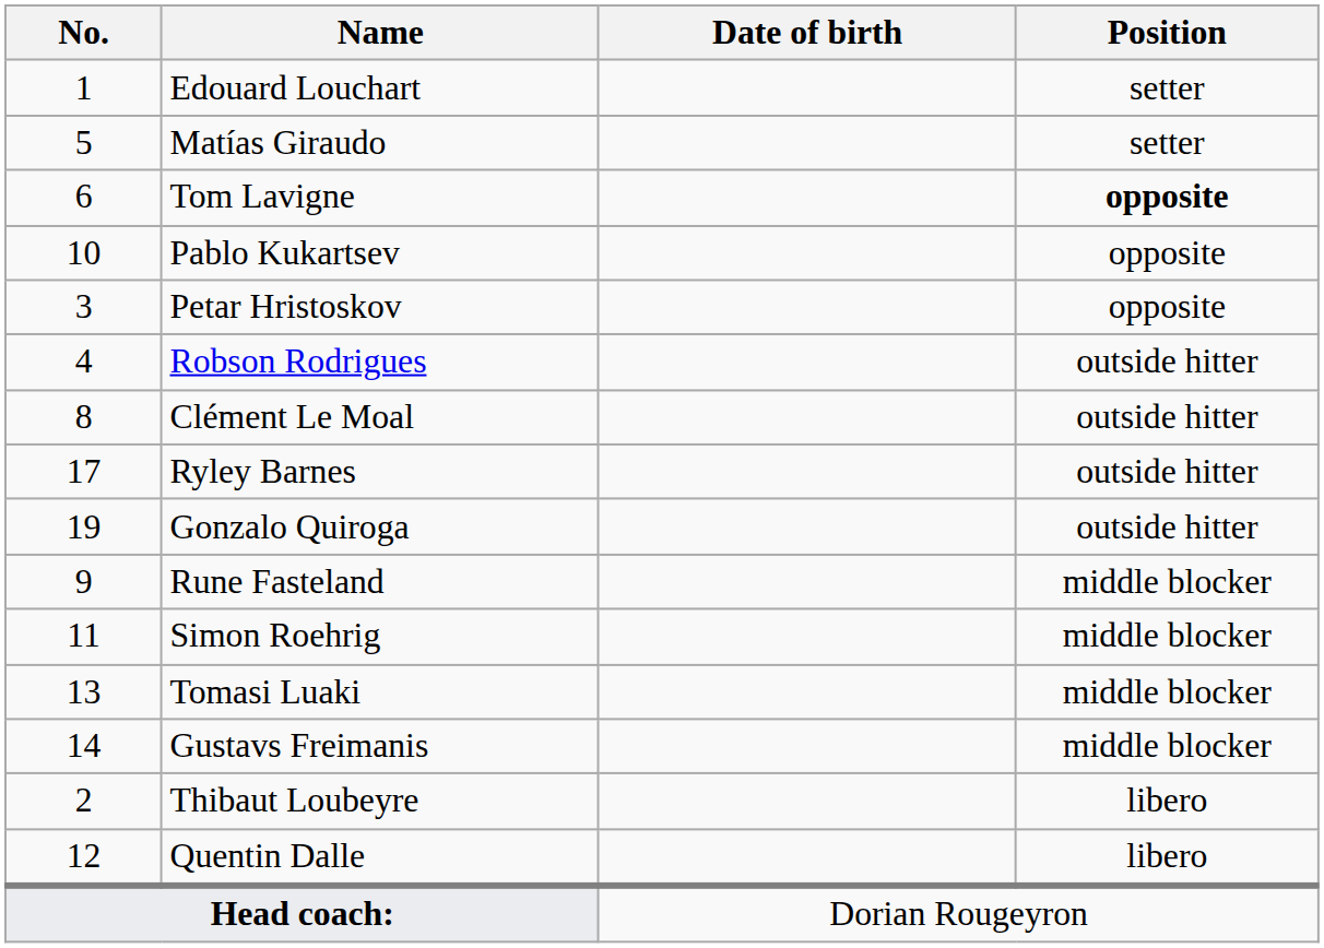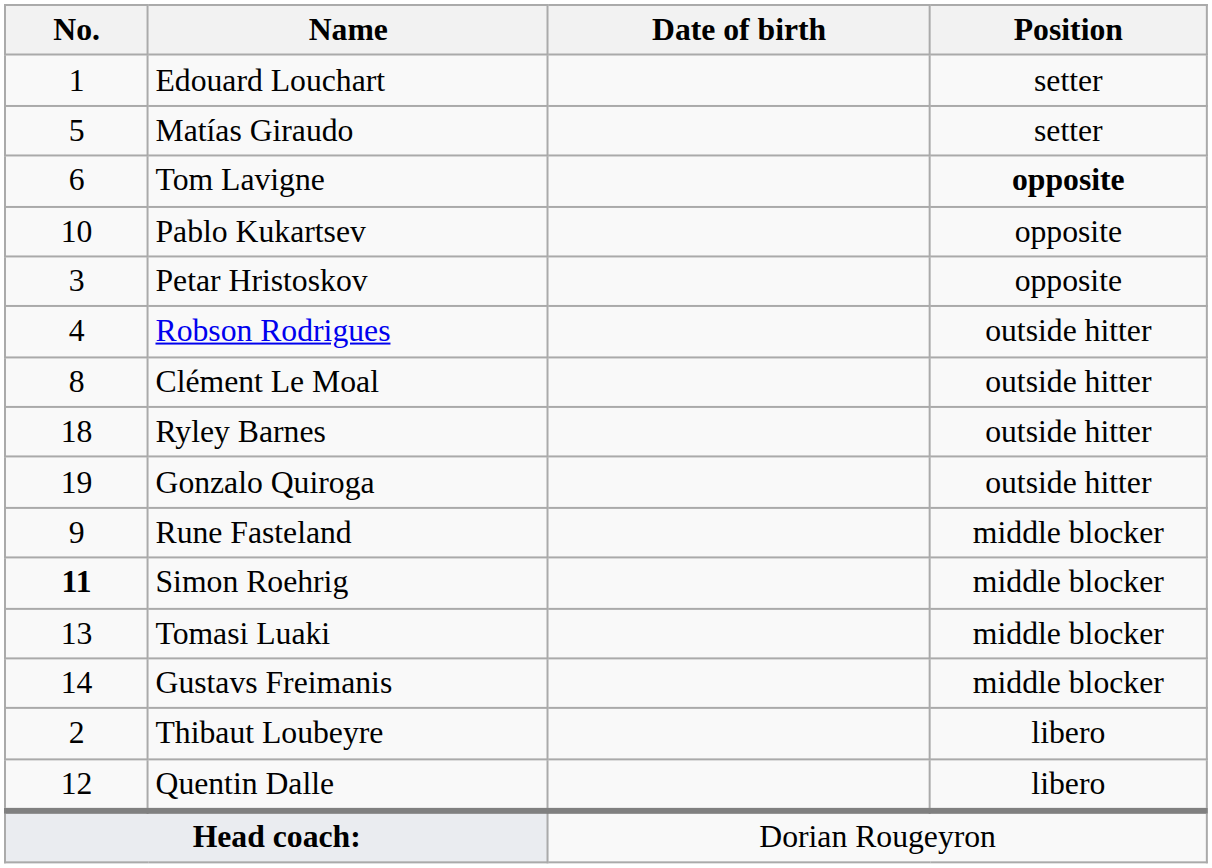 <table class="wikitable sortable" style="font-size:100%; text-align:center;">
 <tr>
 <th style="width:5em">No.</th>
 <th style="width:15em">Name</th>
 <th style="width:15em">Date of birth</th>
 <th style="width:10em">Position</th>
 </tr>
 <tr>
 <td>1</td>
 <td align=left> Edouard Louchart</td>
 <td align=right></td>
 <td>setter</td>
 </tr>
 <tr>
 <td>5</td>
 <td align=left> Matías Giraudo</td>
 <td align=right></td>
 <td>setter</td>
 </tr>
 <tr>
 <td>6</td>
 <td align=left> Tom Lavigne</td>
 <td align=right></td>
 <td><strong>opposite</strong></td>
 </tr>
 <tr>
 <td>10</td>
 <td align=left> Pablo Kukartsev</td>
 <td align=right></td>
 <td>opposite</td>
 </tr>
 <tr>
 <td>3</td>
 <td align=left> Petar Hristoskov</td>
 <td align=right></td>
 <td>opposite</td>
 </tr>
 <tr>
 <td>4</td>
 <td align=left> <a href='#'>Robson Rodrigues</a></td>
 <td align=right></td>
 <td>outside hitter</td>
 </tr>
 <tr>
 <td>8</td>
 <td align=left> Clément Le Moal</td>
 <td align=right></td>
 <td>outside hitter</td>
 </tr>
 <tr>
-<td>17</td>
+<td>18</td>
 <td align=left> Ryley Barnes</td>
 <td align=right></td>
 <td>outside hitter</td>
 </tr>
 <tr>
 <td>19</td>
 <td align=left> Gonzalo Quiroga</td>
 <td align=right></td>
 <td>outside hitter</td>
 </tr>
 <tr>
 <td>9</td>
 <td align=left> Rune Fasteland</td>
 <td align=right></td>
 <td>middle blocker</td>
 </tr>
 <tr>
-<td>11</td>
+<td><strong>11</strong></td>
 <td align=left> Simon Roehrig</td>
 <td align=right></td>
 <td>middle blocker</td>
 </tr>
 <tr>
 <td>13</td>
 <td align=left> Tomasi Luaki</td>
 <td align=right></td>
 <td>middle blocker</td>
 </tr>
 <tr>
 <td>14</td>
 <td align=left> Gustavs Freimanis</td>
 <td align=right></td>
 <td>middle blocker</td>
 </tr>
 <tr>
 <td>2</td>
 <td align=left> Thibaut Loubeyre</td>
 <td align=right></td>
 <td>libero</td>
 </tr>
 <tr>
 <td>12</td>
 <td align=left> Quentin Dalle</td>
 <td align=right></td>
 <td>libero</td>
 </tr>
 <tr class="sortbottom" style="border-top: 3px solid grey">
 <td colspan=2 style="background:#EAECF0"><strong>Head coach:</strong></td>
 <td colspan=3> Dorian Rougeyron</td>
 </tr>
 </table>
